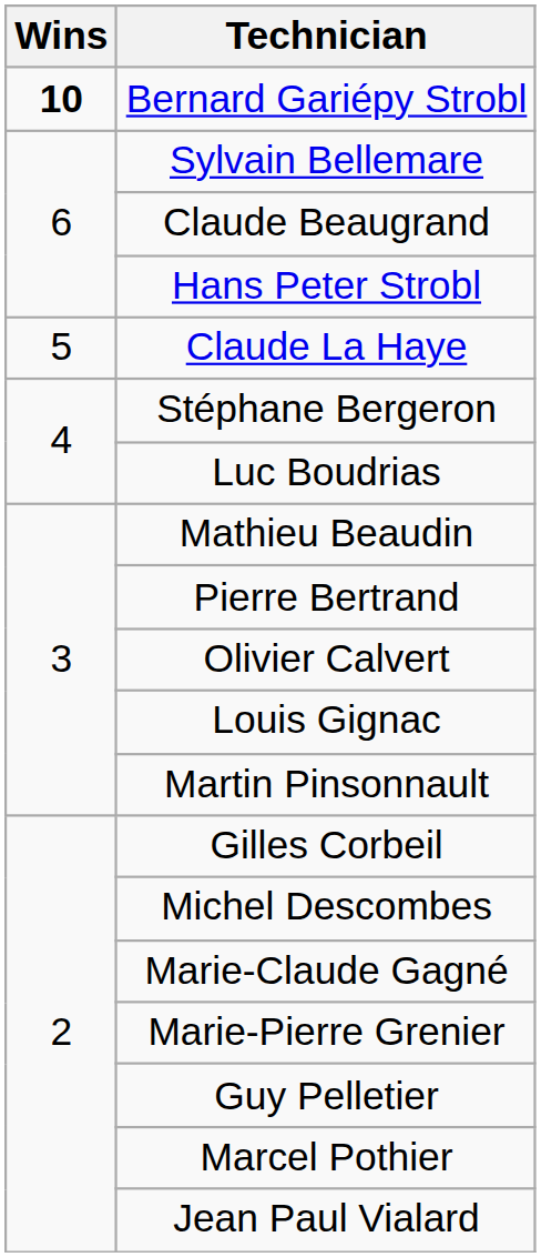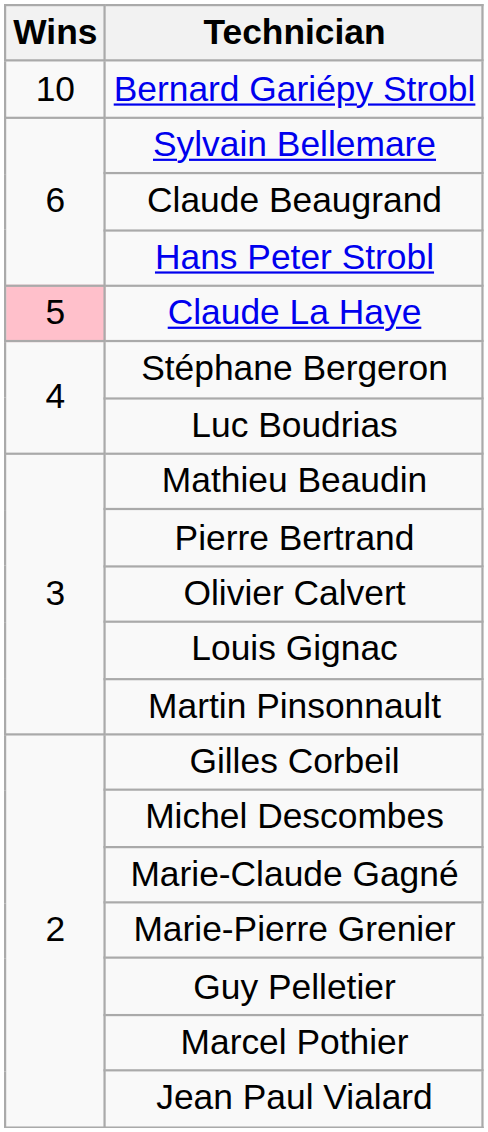 <table class="wikitable" style="text-align:center;">
 <tr>
 <th scope="col" width="17">Wins</th>
 <th scope="col" align="center">Technician</th>
 </tr>
 <tr>
-<td rowspan="1" style="text-align:center;"><strong>10</strong></td>
+<td rowspan="1" style="text-align:center;">10</td>
 <td><a href='#'>Bernard Gariépy Strobl</a></td>
 </tr>
 <tr>
 <td rowspan="3" style="text-align:center;">6</td>
 <td><a href='#'>Sylvain Bellemare</a></td>
 </tr>
 <tr>
 <td>Claude Beaugrand</td>
 </tr>
 <tr>
 <td><a href='#'>Hans Peter Strobl</a></td>
 </tr>
 <tr>
-<td rowspan="1" style="text-align:center;">5</td>
+<td rowspan="1" style="background: pink; text-align:center;">5</td>
 <td><a href='#'>Claude La Haye</a></td>
 </tr>
 <tr>
 <td rowspan="2" style="text-align:center;">4</td>
 <td>Stéphane Bergeron</td>
 </tr>
 <tr>
 <td>Luc Boudrias</td>
 </tr>
 <tr>
 <td rowspan="5" style="text-align:center;">3</td>
 <td>Mathieu Beaudin</td>
 </tr>
 <tr>
 <td>Pierre Bertrand</td>
 </tr>
 <tr>
 <td>Olivier Calvert</td>
 </tr>
 <tr>
 <td>Louis Gignac</td>
 </tr>
 <tr>
 <td>Martin Pinsonnault</td>
 </tr>
 <tr>
 <td rowspan="7" style="text-align:center;">2</td>
 <td>Gilles Corbeil</td>
 </tr>
 <tr>
 <td>Michel Descombes</td>
 </tr>
 <tr>
 <td>Marie-Claude Gagné</td>
 </tr>
 <tr>
 <td>Marie-Pierre Grenier</td>
 </tr>
 <tr>
 <td>Guy Pelletier</td>
 </tr>
 <tr>
 <td>Marcel Pothier</td>
 </tr>
 <tr>
 <td>Jean Paul Vialard</td>
 </tr>
 <tr>
 </tr>
 </table>
